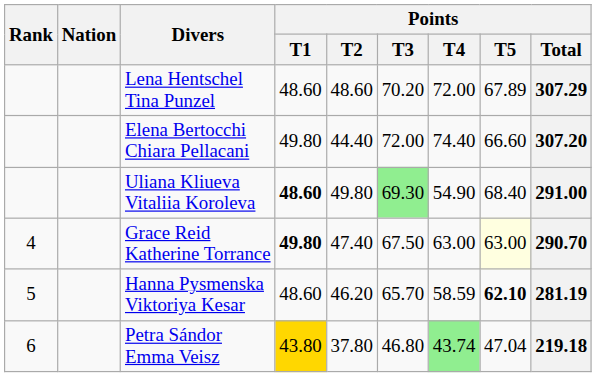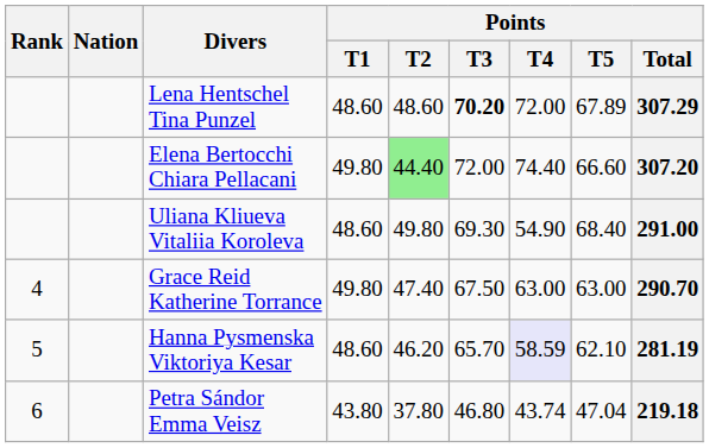 <table class="wikitable" style="text-align:center">
 <tr>
 <th rowspan=2>Rank</th>
 <th rowspan=2>Nation</th>
 <th rowspan=2>Divers</th>
 <th colspan=6>Points</th>
 </tr>
 <tr>
 <th>T1</th>
 <th>T2</th>
 <th>T3</th>
 <th>T4</th>
 <th>T5</th>
 <th>Total</th>
 </tr>
 <tr>
 <td></td>
 <td align=left></td>
 <td align=left><a href='#'>Lena Hentschel</a><br><a href='#'>Tina Punzel</a></td>
 <td>48.60</td>
 <td>48.60</td>
-<td>70.20</td>
+<td><strong>70.20</strong></td>
 <td>72.00</td>
 <td>67.89</td>
 <th>307.29</th>
 </tr>
 <tr>
 <td></td>
 <td align=left></td>
 <td align=left><a href='#'>Elena Bertocchi</a><br><a href='#'>Chiara Pellacani</a></td>
 <td>49.80</td>
-<td>44.40</td>
+<td style="background: lightgreen;">44.40</td>
 <td>72.00</td>
 <td>74.40</td>
 <td>66.60</td>
 <th>307.20</th>
 </tr>
 <tr>
 <td></td>
 <td align=left></td>
 <td align=left><a href='#'>Uliana Kliueva</a><br><a href='#'>Vitaliia Koroleva</a></td>
-<td><strong>48.60</strong></td>
+<td>48.60</td>
 <td>49.80</td>
-<td style="background: lightgreen;">69.30</td>
+<td>69.30</td>
 <td>54.90</td>
 <td>68.40</td>
 <th>291.00</th>
 </tr>
 <tr>
 <td>4</td>
 <td align=left></td>
 <td align=left><a href='#'>Grace Reid</a><br><a href='#'>Katherine Torrance</a></td>
-<td><strong>49.80</strong></td>
+<td>49.80</td>
 <td>47.40</td>
 <td>67.50</td>
 <td>63.00</td>
-<td style="background: lightyellow;">63.00</td>
+<td>63.00</td>
 <th>290.70</th>
 </tr>
 <tr>
 <td>5</td>
 <td align=left></td>
 <td align=left><a href='#'>Hanna Pysmenska</a><br><a href='#'>Viktoriya Kesar</a></td>
 <td>48.60</td>
 <td>46.20</td>
 <td>65.70</td>
-<td>58.59</td>
-<td><strong>62.10</strong></td>
+<td style="background: lavender;">58.59</td>
+<td>62.10</td>
 <th>281.19</th>
 </tr>
 <tr>
 <td>6</td>
 <td align=left></td>
 <td align=left><a href='#'>Petra Sándor</a><br><a href='#'>Emma Veisz</a></td>
-<td style="background: gold;">43.80</td>
+<td>43.80</td>
 <td>37.80</td>
 <td>46.80</td>
-<td style="background: lightgreen;">43.74</td>
+<td>43.74</td>
 <td>47.04</td>
 <th>219.18</th>
 </tr>
 </table>
